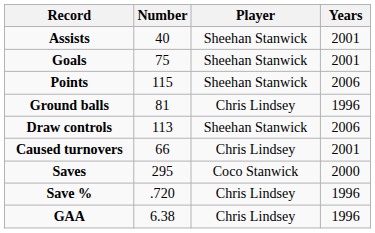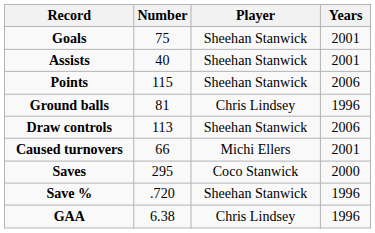 <table class="wikitable">
 <tr>
 <th style="width:140px; ">Record</th>
 <th style="width:35px; ">Number</th>
 <th style="width:140px; ">Player</th>
 <th style="width:50px; ">Years</th>
 </tr>
 <tr style="text-align:center;">
-<td><strong>Assists</strong></td>
-<td>40</td>
+<td><strong>Goals</strong></td>
+<td>75</td>
 <td>Sheehan Stanwick</td>
 <td>2001</td>
 </tr>
 <tr style="text-align:center;">
-<td><strong>Goals</strong></td>
-<td>75</td>
+<td><strong>Assists</strong></td>
+<td>40</td>
 <td>Sheehan Stanwick</td>
 <td>2001</td>
 </tr>
 <tr style="text-align:center;">
 <td><strong>Points</strong></td>
 <td>115</td>
 <td>Sheehan Stanwick</td>
 <td>2006</td>
 </tr>
 <tr style="text-align:center;">
 <td><strong>Ground balls</strong></td>
 <td>81</td>
 <td>Chris Lindsey</td>
 <td>1996</td>
 </tr>
 <tr style="text-align:center;">
 <td><strong>Draw controls</strong></td>
 <td>113</td>
 <td>Sheehan Stanwick</td>
 <td>2006</td>
 </tr>
 <tr style="text-align:center;">
 <td><strong>Caused turnovers</strong></td>
 <td>66</td>
-<td>Chris Lindsey</td>
+<td>Michi Ellers</td>
 <td>2001</td>
 </tr>
 <tr style="text-align:center;">
 <td><strong>Saves</strong></td>
 <td>295</td>
 <td>Coco Stanwick</td>
 <td>2000</td>
 </tr>
 <tr style="text-align:center;">
 <td><strong>Save %</strong></td>
 <td>.720</td>
-<td>Chris Lindsey</td>
+<td>Sheehan Stanwick</td>
 <td>1996</td>
 </tr>
 <tr style="text-align:center;">
 <td><strong>GAA</strong></td>
 <td>6.38</td>
 <td>Chris Lindsey</td>
 <td>1996</td>
 </tr>
 </table>
